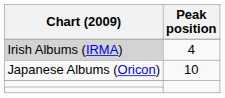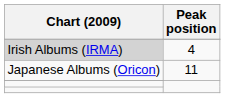 <table class="wikitable sortable">
 <tr>
 <th>Chart (2009)</th>
 <th>Peak<br>position</th>
 </tr>
 <tr>
 </tr>
 <tr>
 </tr>
 <tr>
 </tr>
 <tr>
 </tr>
 <tr>
 <td style="background: lightgrey;">Irish Albums (<a href='#'>IRMA</a>)</td>
 <td style="text-align:center;">4</td>
 </tr>
 <tr>
 <td>Japanese Albums (<a href='#'>Oricon</a>)</td>
-<td style="text-align:center;">10</td>
+<td style="text-align:center;">11</td>
 </tr>
 <tr>
 </tr>
 <tr>
 </tr>
 <tr>
 </tr>
 <tr>
 </tr>
 <tr>
 <td></td>
 </tr>
 <tr>
 <td></td>
 </tr>
 </table>
